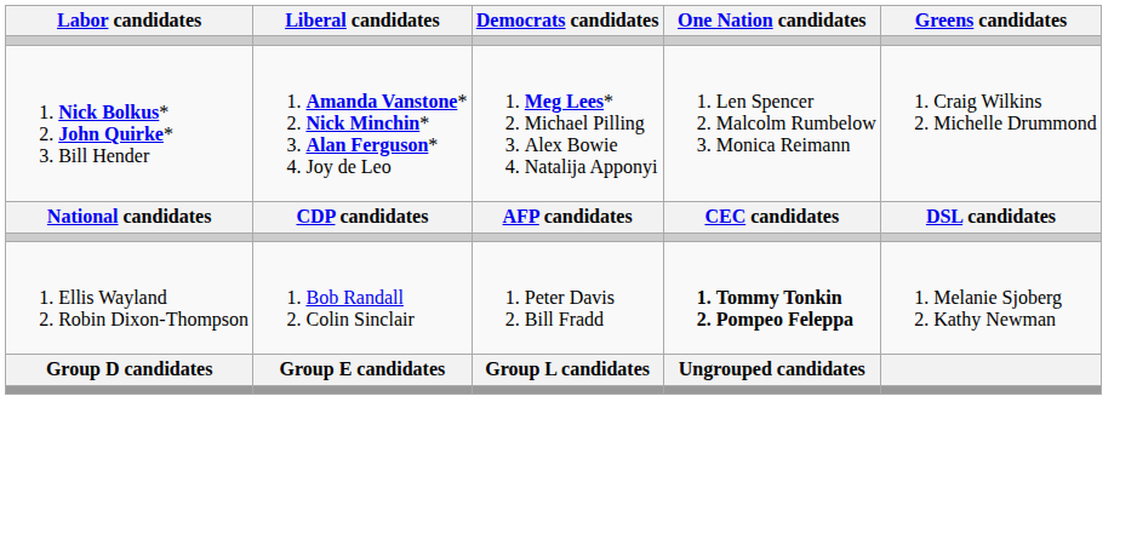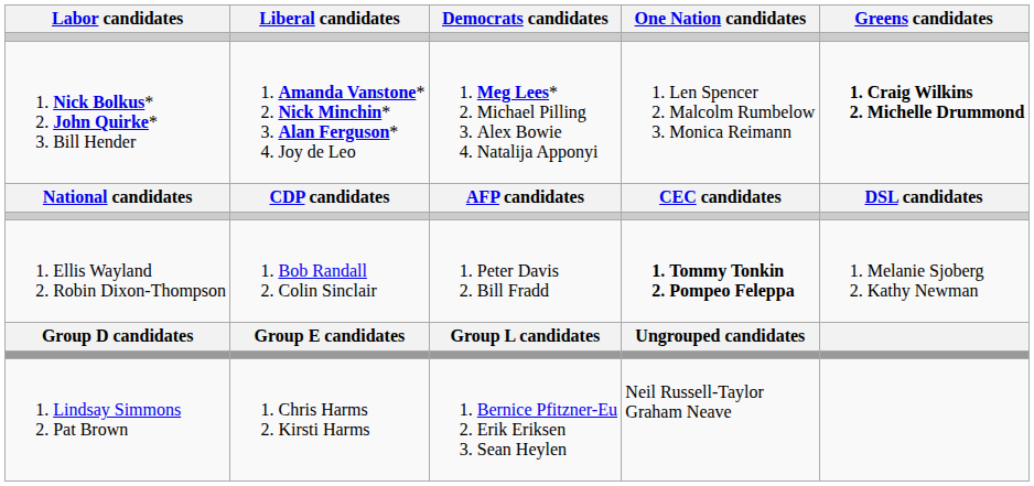 <table class="wikitable">
 <tr>
 <th><a href='#'>Labor</a> candidates</th>
 <th><a href='#'>Liberal</a> candidates</th>
 <th><a href='#'>Democrats</a> candidates</th>
 <th><a href='#'>One Nation</a> candidates</th>
 <th><a href='#'>Greens</a> candidates</th>
 </tr>
 <tr bgcolor="#cccccc">
 <td></td>
 <td></td>
 <td></td>
 <td></td>
 <td></td>
 </tr>
 <tr>
 <td><br><ol><li><strong><a href='#'>Nick Bolkus</a></strong>*</li><li><strong><a href='#'>John Quirke</a></strong>*</li><li>Bill Hender</li></ol></td>
 <td><br><ol><li><strong><a href='#'>Amanda Vanstone</a></strong>*</li><li><strong><a href='#'>Nick Minchin</a></strong>*</li><li><strong><a href='#'>Alan Ferguson</a></strong>*</li><li>Joy de Leo</li></ol></td>
 <td><br><ol><li><strong><a href='#'>Meg Lees</a></strong>*</li><li>Michael Pilling</li><li>Alex Bowie</li><li>Natalija Apponyi</li></ol></td>
 <td valign=top><br><ol><li>Len Spencer</li><li>Malcolm Rumbelow</li><li>Monica Reimann</li></ol></td>
-<td valign=top><br><ol><li>Craig Wilkins</li><li>Michelle Drummond</li></ol></td>
+<td valign=top><strong><br><ol><li>Craig Wilkins</li><li>Michelle Drummond</li></ol></strong></td>
 </tr>
 <tr bgcolor="#cccccc">
 <th><a href='#'>National</a> candidates</th>
 <th><a href='#'>CDP</a> candidates</th>
 <th><a href='#'>AFP</a> candidates</th>
 <th><a href='#'>CEC</a> candidates</th>
 <th><a href='#'>DSL</a> candidates</th>
 </tr>
 <tr bgcolor="#cccccc">
 <td></td>
 <td></td>
 <td></td>
 <td></td>
 <td></td>
 </tr>
 <tr>
 <td valign=top><br><ol><li>Ellis Wayland</li><li>Robin Dixon-Thompson</li></ol></td>
 <td valign=top><br><ol><li><a href='#'>Bob Randall</a></li><li>Colin Sinclair</li></ol></td>
 <td valign=top><br><ol><li>Peter Davis</li><li>Bill Fradd</li></ol></td>
 <td valign=top><strong><br><ol><li>Tommy Tonkin</li><li>Pompeo Feleppa</li></ol></strong></td>
 <td valign=top><br><ol><li>Melanie Sjoberg</li><li>Kathy Newman</li></ol></td>
 </tr>
 <tr bgcolor="#cccccc">
 <th>Group D candidates</th>
 <th>Group E candidates</th>
 <th>Group L candidates</th>
 <th>Ungrouped candidates</th>
 <th></th>
 </tr>
 <tr bgcolor="#cccccc">
 <td bgcolor="#999999"></td>
 <td bgcolor="#999999"></td>
 <td bgcolor="#999999"></td>
 <td bgcolor="#999999"></td>
 <td bgcolor="#999999"></td>
 </tr>
+<tr>
+<td valign=top><br><ol><li><a href='#'>Lindsay Simmons</a></li><li>Pat Brown</li></ol></td>
+<td valign=top><br><ol><li>Chris Harms</li><li>Kirsti Harms</li></ol></td>
+<td valign=top><br><ol><li><a href='#'>Bernice Pfitzner-Eu</a></li><li>Erik Eriksen</li><li>Sean Heylen</li></ol></td>
+<td valign=top><br>Neil Russell-Taylor<br> Graham Neave</td>
+<td valign=top></td>
+</tr>
 </table>
